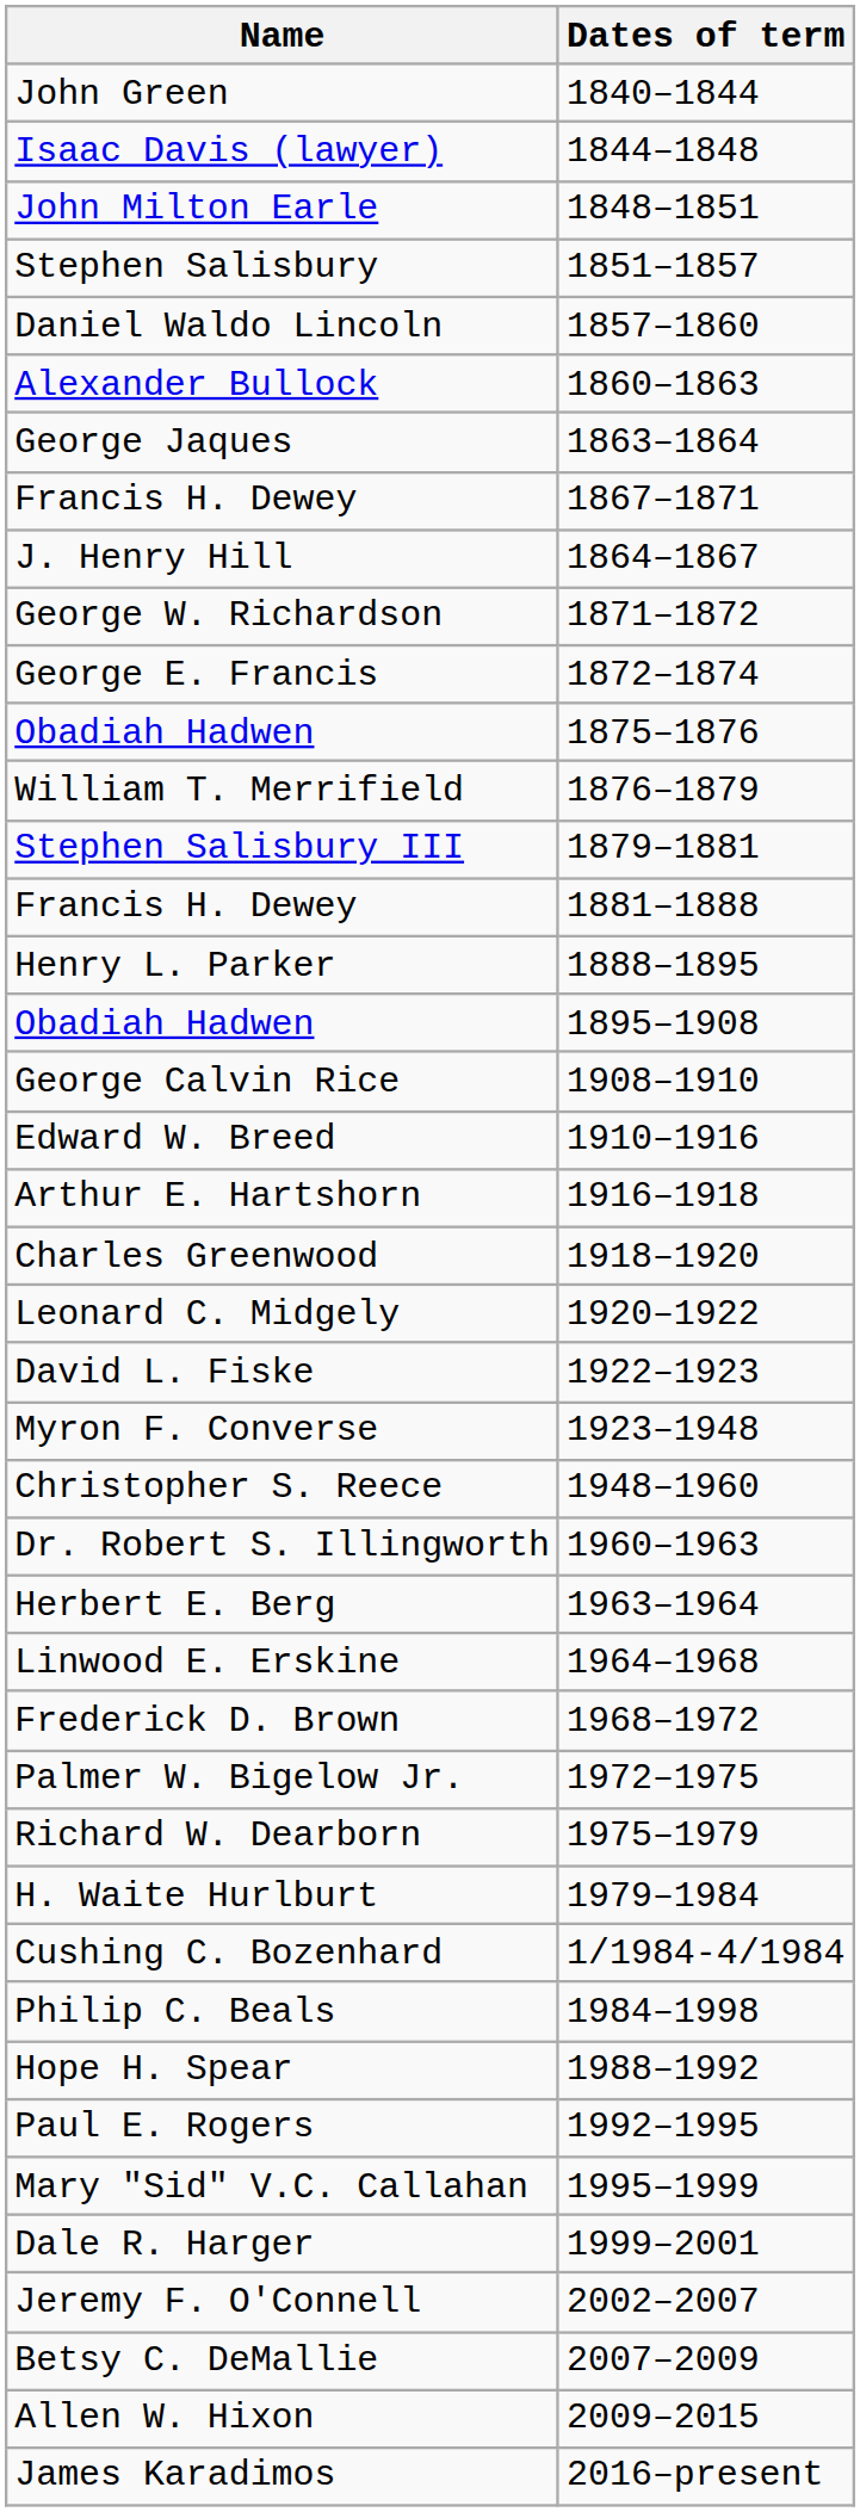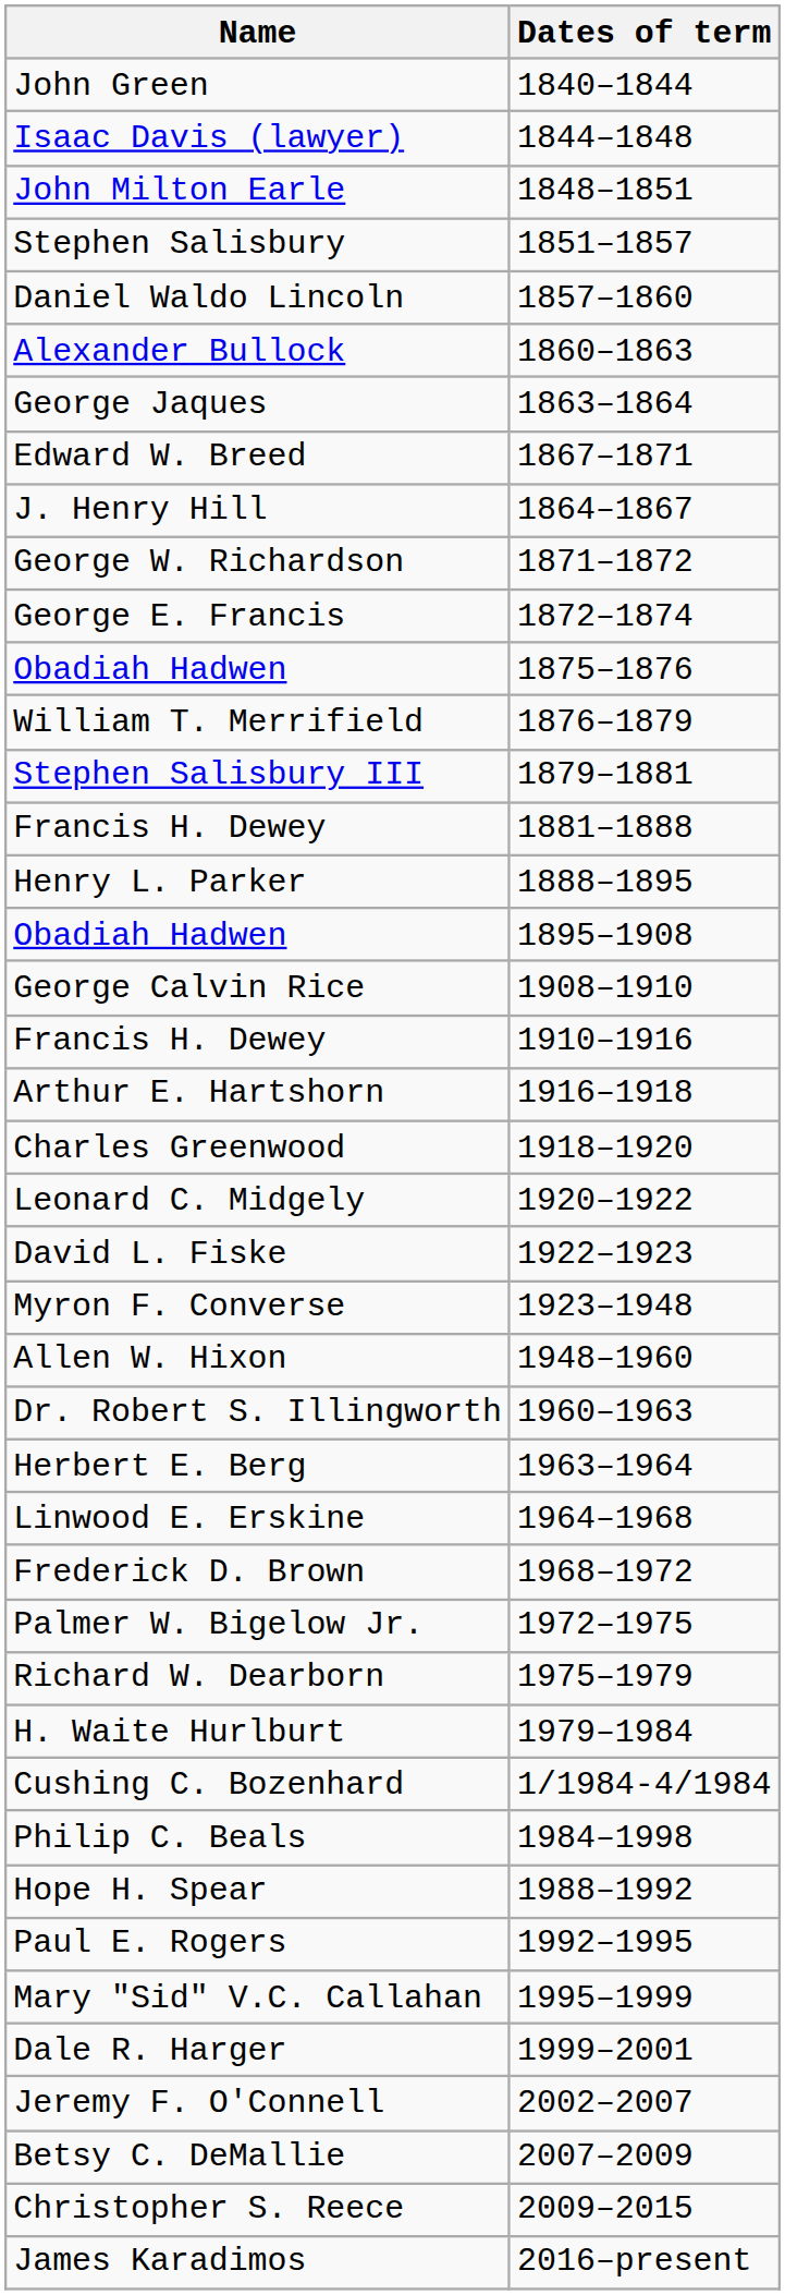 <table class="wikitable mw-collapsible mw-collapsed">
 <tr>
 <th>Name</th>
 <th>Dates of term</th>
 </tr>
 <tr>
 <td>John Green</td>
 <td>1840–1844</td>
 </tr>
 <tr>
 <td><a href='#'>Isaac Davis (lawyer)</a></td>
 <td>1844–1848</td>
 </tr>
 <tr>
 <td><a href='#'>John Milton Earle</a></td>
 <td>1848–1851</td>
 </tr>
 <tr>
 <td>Stephen Salisbury</td>
 <td>1851–1857</td>
 </tr>
 <tr>
 <td>Daniel Waldo Lincoln</td>
 <td>1857–1860</td>
 </tr>
 <tr>
 <td><a href='#'>Alexander Bullock</a></td>
 <td>1860–1863</td>
 </tr>
 <tr>
 <td>George Jaques</td>
 <td>1863–1864</td>
 </tr>
 <tr>
-<td>Francis H. Dewey</td>
+<td>Edward W. Breed</td>
 <td>1867–1871</td>
 </tr>
 <tr>
 <td>J. Henry Hill</td>
 <td>1864–1867</td>
 </tr>
 <tr>
 <td>George W. Richardson</td>
 <td>1871–1872</td>
 </tr>
 <tr>
 <td>George E. Francis</td>
 <td>1872–1874</td>
 </tr>
 <tr>
 <td><a href='#'>Obadiah Hadwen</a></td>
 <td>1875–1876</td>
 </tr>
 <tr>
 <td>William T. Merrifield</td>
 <td>1876–1879</td>
 </tr>
 <tr>
 <td><a href='#'>Stephen Salisbury III</a></td>
 <td>1879–1881</td>
 </tr>
 <tr>
 <td>Francis H. Dewey</td>
 <td>1881–1888</td>
 </tr>
 <tr>
 <td>Henry L. Parker</td>
 <td>1888–1895</td>
 </tr>
 <tr>
 <td><a href='#'>Obadiah Hadwen</a></td>
 <td>1895–1908</td>
 </tr>
 <tr>
 <td>George Calvin Rice</td>
 <td>1908–1910</td>
 </tr>
 <tr>
-<td>Edward W. Breed</td>
+<td>Francis H. Dewey</td>
 <td>1910–1916</td>
 </tr>
 <tr>
 <td>Arthur E. Hartshorn</td>
 <td>1916–1918</td>
 </tr>
 <tr>
 <td>Charles Greenwood</td>
 <td>1918–1920</td>
 </tr>
 <tr>
 <td>Leonard C. Midgely</td>
 <td>1920–1922</td>
 </tr>
 <tr>
 <td>David L. Fiske</td>
 <td>1922–1923</td>
 </tr>
 <tr>
 <td>Myron F. Converse</td>
 <td>1923–1948</td>
 </tr>
 <tr>
-<td>Christopher S. Reece</td>
+<td>Allen W. Hixon</td>
 <td>1948–1960</td>
 </tr>
 <tr>
 <td>Dr. Robert S. Illingworth</td>
 <td>1960–1963</td>
 </tr>
 <tr>
 <td>Herbert E. Berg</td>
 <td>1963–1964</td>
 </tr>
 <tr>
 <td>Linwood E. Erskine</td>
 <td>1964–1968</td>
 </tr>
 <tr>
 <td>Frederick D. Brown</td>
 <td>1968–1972</td>
 </tr>
 <tr>
 <td>Palmer W. Bigelow Jr.</td>
 <td>1972–1975</td>
 </tr>
 <tr>
 <td>Richard W. Dearborn</td>
 <td>1975–1979</td>
 </tr>
 <tr>
 <td>H. Waite Hurlburt</td>
 <td>1979–1984</td>
 </tr>
 <tr>
 <td>Cushing C. Bozenhard</td>
 <td>1/1984-4/1984</td>
 </tr>
 <tr>
 <td>Philip C. Beals</td>
 <td>1984–1998</td>
 </tr>
 <tr>
 <td>Hope H. Spear</td>
 <td>1988–1992</td>
 </tr>
 <tr>
 <td>Paul E. Rogers</td>
 <td>1992–1995</td>
 </tr>
 <tr>
 <td>Mary "Sid" V.C. Callahan</td>
 <td>1995–1999</td>
 </tr>
 <tr>
 <td>Dale R. Harger</td>
 <td>1999–2001</td>
 </tr>
 <tr>
 <td>Jeremy F. O'Connell</td>
 <td>2002–2007</td>
 </tr>
 <tr>
 <td>Betsy C. DeMallie</td>
 <td>2007–2009</td>
 </tr>
 <tr>
-<td>Allen W. Hixon</td>
+<td>Christopher S. Reece</td>
 <td>2009–2015</td>
 </tr>
 <tr>
 <td>James Karadimos</td>
 <td>2016–present</td>
 </tr>
 </table>
